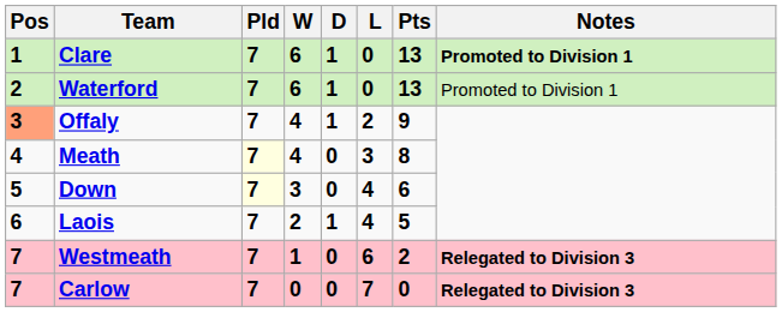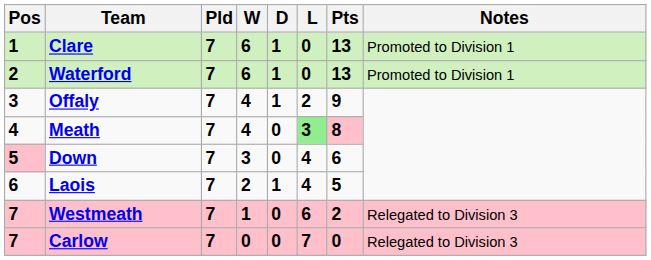 <table class="wikitable" style="text-align: centre;">
 <tr>
 <th width=20>Pos</th>
 <th width=135>Team</th>
 <th width=20>Pld</th>
 <th width=20>W</th>
 <th width=20>D</th>
 <th width=20>L</th>
 <th width=20>Pts</th>
 <th width=250>Notes</th>
 </tr>
 <tr style="background:#D0F0C0;">
 <td><strong>1</strong></td>
 <td align=left><strong> <a href='#'>Clare</a> </strong></td>
 <td><strong>7</strong></td>
 <td><strong>6</strong></td>
 <td><strong>1</strong></td>
 <td><strong>0</strong></td>
 <td><strong>13</strong></td>
-<td><strong><small> Promoted to Division 1</small></strong></td>
+<td><small> Promoted to Division 1</small></td>
 </tr>
 <tr style="background:#D0F0C0;">
 <td><strong>2</strong></td>
 <td align=left><strong> <a href='#'>Waterford</a> </strong></td>
 <td><strong>7</strong></td>
 <td><strong>6</strong></td>
 <td><strong>1</strong></td>
 <td><strong>0</strong></td>
 <td><strong>13</strong></td>
 <td><small> Promoted to Division 1</small></td>
 </tr>
 <tr style>
-<td style="background: lightsalmon;"><strong>3</strong></td>
+<td><strong>3</strong></td>
 <td align=left><strong> <a href='#'>Offaly</a> </strong></td>
 <td><strong>7</strong></td>
 <td><strong>4</strong></td>
 <td><strong>1</strong></td>
 <td><strong>2</strong></td>
 <td><strong>9</strong></td>
 </tr>
 <tr style>
 <td><strong>4</strong></td>
 <td align=left><strong> <a href='#'>Meath</a> </strong></td>
-<td style="background: lightyellow;"><strong>7</strong></td>
+<td><strong>7</strong></td>
 <td><strong>4</strong></td>
 <td><strong>0</strong></td>
-<td><strong>3</strong></td>
-<td><strong>8</strong></td>
+<td style="background: lightgreen;"><strong>3</strong></td>
+<td style="background: pink;"><strong>8</strong></td>
 </tr>
 <tr style>
-<td><strong>5</strong></td>
+<td style="background: pink;"><strong>5</strong></td>
 <td align=left><strong> <a href='#'>Down</a> </strong></td>
-<td style="background: lightyellow;"><strong>7</strong></td>
+<td><strong>7</strong></td>
 <td><strong>3</strong></td>
 <td><strong>0</strong></td>
 <td><strong>4</strong></td>
 <td><strong>6</strong></td>
 </tr>
 <tr style>
 <td><strong>6</strong></td>
 <td align=left><strong> <a href='#'>Laois</a> </strong></td>
 <td><strong>7</strong></td>
 <td><strong>2</strong></td>
 <td><strong>1</strong></td>
 <td><strong>4</strong></td>
 <td><strong>5</strong></td>
 </tr>
 <tr style="background:#FFC0CB;">
 <td><strong>7</strong></td>
 <td align=left><strong> <a href='#'>Westmeath</a> </strong></td>
 <td><strong>7</strong></td>
 <td><strong>1</strong></td>
 <td><strong>0</strong></td>
 <td><strong>6</strong></td>
 <td><strong>2</strong></td>
-<td><strong><small> Relegated to Division 3</small></strong></td>
+<td><small> Relegated to Division 3</small></td>
 </tr>
 <tr style="background:#FFC0CB;">
 <td><strong>7</strong></td>
 <td align=left><strong> <a href='#'>Carlow</a> </strong></td>
 <td><strong>7</strong></td>
 <td><strong>0</strong></td>
 <td><strong>0</strong></td>
 <td><strong>7</strong></td>
 <td><strong>0</strong></td>
-<td><strong><small> Relegated to Division 3</small></strong></td>
+<td><small> Relegated to Division 3</small></td>
 </tr>
 </table>
